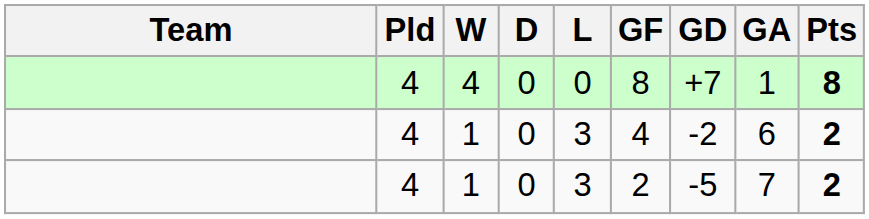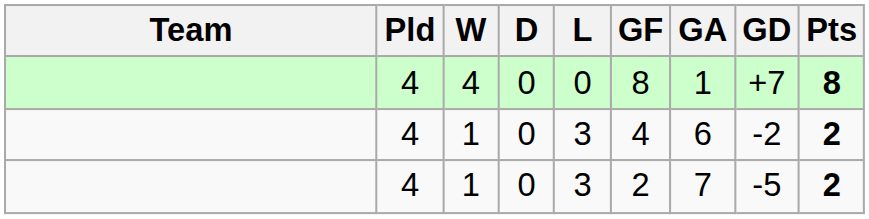 <table class="wikitable" style="text-align:center;">
 <tr>
 <th width=175>Team</th>
 <th style="width:20px;" abbr="Played">Pld</th>
 <th style="width:20px;" abbr="Won">W</th>
 <th style="width:20px;" abbr="Drawn">D</th>
 <th style="width:20px;" abbr="Lost">L</th>
 <th style="width:20px;" abbr="Goals for">GF</th>
+<th style="width:20px;" abbr="Goals against">GA</th>
 <th style="width:20px;" abbr="Goal difference">GD</th>
-<th style="width:20px;" abbr="Goals against">GA</th>
 <th style="width:20px;" abbr="Points">Pts</th>
 </tr>
 <tr bgcolor="#ccffcc">
 <td align=left></td>
 <td>4</td>
 <td>4</td>
 <td>0</td>
 <td>0</td>
 <td>8</td>
+<td>1</td>
 <td>+7</td>
-<td>1</td>
 <td><strong>8</strong></td>
 </tr>
 <tr>
 <td align=left></td>
 <td>4</td>
 <td>1</td>
 <td>0</td>
 <td>3</td>
 <td>4</td>
+<td>6</td>
 <td>-2</td>
-<td>6</td>
 <td><strong>2</strong></td>
 </tr>
 <tr>
 <td align=left></td>
 <td>4</td>
 <td>1</td>
 <td>0</td>
 <td>3</td>
 <td>2</td>
+<td>7</td>
 <td>-5</td>
-<td>7</td>
 <td><strong>2</strong></td>
 </tr>
 </table>
